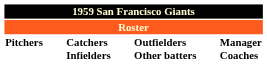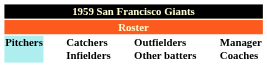 <table class="toccolours" style="font-size: 95%;">
 <tr>
 <th colspan="10" style="background-color: black; color: #FFFDD0; text-align: center;">1959 San Francisco Giants</th>
 </tr>
 <tr>
 <td colspan="10" style="background-color: #fd5a1e; color: #FFFDD0; text-align: center;"><strong>Roster</strong></td>
 </tr>
 <tr>
-<td valign="top"><strong>Pitchers</strong><br>             </td>
+<td valign="top" style="background: paleturquoise;"><strong>Pitchers</strong><br>             </td>
 <td width="25px"></td>
 <td valign="top"><strong>Catchers</strong><br>    <strong>Infielders</strong>        </td>
 <td width="25px"></td>
 <td valign="top"><strong>Outfielders</strong><br>      <strong>Other batters</strong>  </td>
 <td width="25px"></td>
 <td valign="top"><strong>Manager</strong><br> <strong>Coaches</strong>    </td>
 </tr>
 </table>
